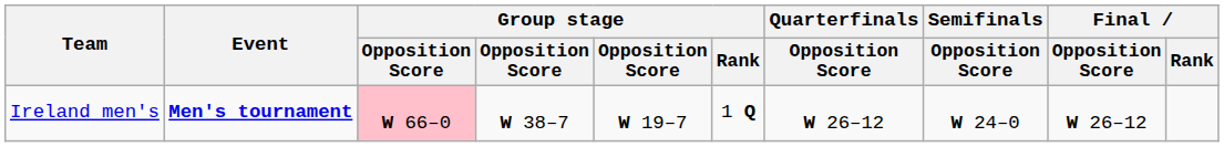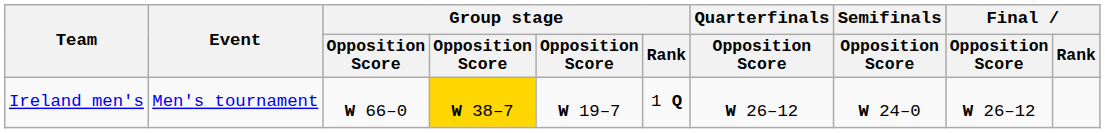 <table class="wikitable sortable" style="text-align:center; font-size:90%">
 <tr>
 <th rowspan=2>Team</th>
 <th rowspan=2>Event</th>
 <th colspan=4>Group stage</th>
 <th>Quarterfinals</th>
 <th>Semifinals</th>
 <th colspan=2>Final / </th>
 </tr>
 <tr style="font-size:95%">
 <th>Opposition<br>Score</th>
 <th>Opposition<br>Score</th>
 <th>Opposition<br>Score</th>
 <th>Rank</th>
 <th>Opposition<br>Score</th>
 <th>Opposition<br>Score</th>
 <th>Opposition<br>Score</th>
 <th>Rank</th>
 </tr>
 <tr>
 <td><a href='#'>Ireland men's</a></td>
-<td><strong><a href='#'>Men's tournament</a></strong></td>
-<td style="background: pink;"><br><strong>W</strong> 66–0</td>
-<td><br><strong>W</strong> 38–7</td>
+<td><a href='#'>Men's tournament</a></td>
+<td><br><strong>W</strong> 66–0</td>
+<td style="background: gold;"><br><strong>W</strong> 38–7</td>
 <td><br><strong>W</strong> 19–7</td>
 <td>1 <strong>Q</strong></td>
 <td><br><strong>W</strong> 26–12</td>
 <td><br><strong>W</strong> 24–0</td>
 <td><br><strong>W</strong> 26–12</td>
 <td></td>
 </tr>
 </table>
